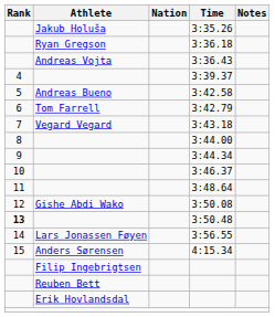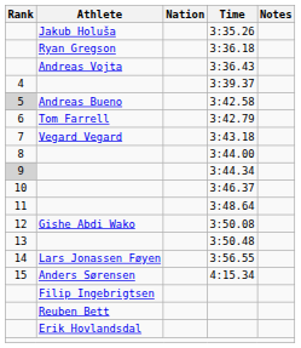 <table class="wikitable sortable" style="text-align:center;">
 <tr>
 <th scope="col" style="width: 10px;">Rank</th>
 <th scope="col">Athlete</th>
 <th scope="col">Nation</th>
 <th scope="col">Time</th>
 <th scope="col">Notes</th>
 </tr>
 <tr>
 <td></td>
 <td align=left><a href='#'>Jakub Holuša</a></td>
 <td align=left></td>
 <td>3:35.26</td>
 <td></td>
 </tr>
 <tr>
 <td></td>
 <td align=left><a href='#'>Ryan Gregson</a></td>
 <td align=left></td>
 <td>3:36.18</td>
 <td></td>
 </tr>
 <tr>
 <td></td>
 <td align=left><a href='#'>Andreas Vojta</a></td>
 <td align=left></td>
 <td>3:36.43</td>
 <td></td>
 </tr>
 <tr>
 <td>4</td>
 <td align=left></td>
 <td align=left></td>
 <td>3:39.37</td>
 <td></td>
 </tr>
 <tr>
-<td>5</td>
+<td style="background: lightgrey;">5</td>
 <td align=left><a href='#'>Andreas Bueno</a></td>
 <td align=left></td>
 <td>3:42.58</td>
 <td></td>
 </tr>
 <tr>
 <td>6</td>
 <td align=left><a href='#'>Tom Farrell</a></td>
 <td align=left></td>
 <td>3:42.79</td>
 <td></td>
 </tr>
 <tr>
 <td>7</td>
 <td align=left><a href='#'>Vegard Vegard</a></td>
 <td align=left></td>
 <td>3:43.18</td>
 <td></td>
 </tr>
 <tr>
 <td>8</td>
 <td align=left></td>
 <td align=left></td>
 <td>3:44.00</td>
 <td></td>
 </tr>
 <tr>
-<td>9</td>
+<td style="background: lightgrey;">9</td>
 <td align=left></td>
 <td align=left></td>
 <td>3:44.34</td>
 <td></td>
 </tr>
 <tr>
 <td>10</td>
 <td align=left></td>
 <td align=left></td>
 <td>3:46.37</td>
 <td></td>
 </tr>
 <tr>
 <td>11</td>
 <td align=left></td>
 <td align=left></td>
 <td>3:48.64</td>
 <td></td>
 </tr>
 <tr>
 <td>12</td>
 <td align=left><a href='#'>Gishe Abdi Wako</a></td>
 <td align=left></td>
 <td>3:50.08</td>
 <td></td>
 </tr>
 <tr>
-<td><strong>13</strong></td>
+<td>13</td>
 <td align=left></td>
 <td align=left></td>
 <td>3:50.48</td>
 <td></td>
 </tr>
 <tr>
 <td>14</td>
 <td align=left><a href='#'>Lars Jonassen Føyen</a></td>
 <td align=left></td>
 <td>3:56.55</td>
 <td></td>
 </tr>
 <tr>
 <td>15</td>
 <td align=left><a href='#'>Anders Sørensen</a></td>
 <td align=left></td>
 <td>4:15.34</td>
 <td></td>
 </tr>
 <tr>
 <td></td>
 <td align="left"><a href='#'>Filip Ingebrigtsen</a></td>
 <td align="left"></td>
 <td></td>
 <td></td>
 </tr>
 <tr>
 <td></td>
 <td align="left"><a href='#'>Reuben Bett</a></td>
 <td align="left"></td>
 <td></td>
 <td></td>
 </tr>
 <tr>
 <td></td>
 <td align="left"><a href='#'>Erik Hovlandsdal</a></td>
 <td align="left"></td>
 <td></td>
 <td></td>
 </tr>
 <tr class="sortbottom">
 <td colspan="5"></td>
 </tr>
 </table>
